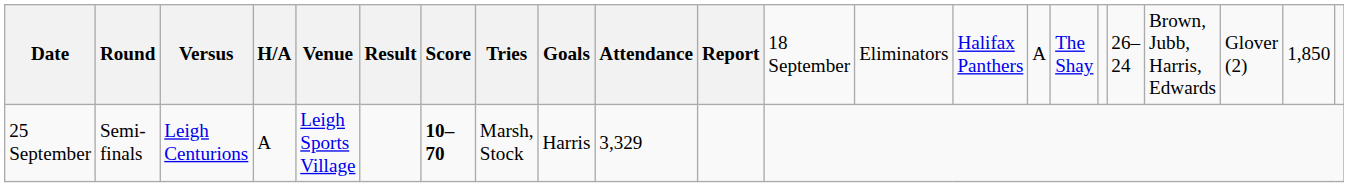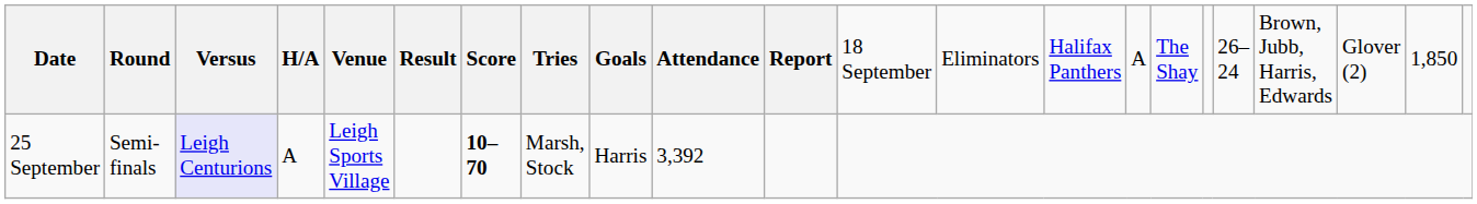 <table class="wikitable defaultleft col2center col4center col7center col10right" style="font-size:90%;">
 <tr>
 <th>Date</th>
 <th>Round</th>
 <th>Versus</th>
 <th>H/A</th>
 <th>Venue</th>
 <th>Result</th>
 <th>Score</th>
 <th>Tries</th>
 <th>Goals</th>
 <th>Attendance</th>
 <th>Report</th>
 <td>18 September</td>
 <td>Eliminators</td>
 <td> <a href='#'>Halifax Panthers</a></td>
 <td>A</td>
 <td><a href='#'>The Shay</a></td>
 <td></td>
 <td>26–24</td>
 <td>Brown, Jubb, Harris, Edwards</td>
 <td>Glover (2)</td>
 <td>1,850</td>
 <td></td>
 </tr>
 <tr>
 <td>25 September</td>
 <td>Semi-finals</td>
-<td> <a href='#'>Leigh Centurions</a></td>
+<td style="background: lavender;"> <a href='#'>Leigh Centurions</a></td>
 <td>A</td>
 <td><a href='#'>Leigh Sports Village</a></td>
 <td></td>
 <td><strong>10–70</strong></td>
 <td>Marsh, Stock</td>
 <td>Harris</td>
-<td>3,329</td>
+<td>3,392</td>
 <td></td>
 </tr>
 </table>
